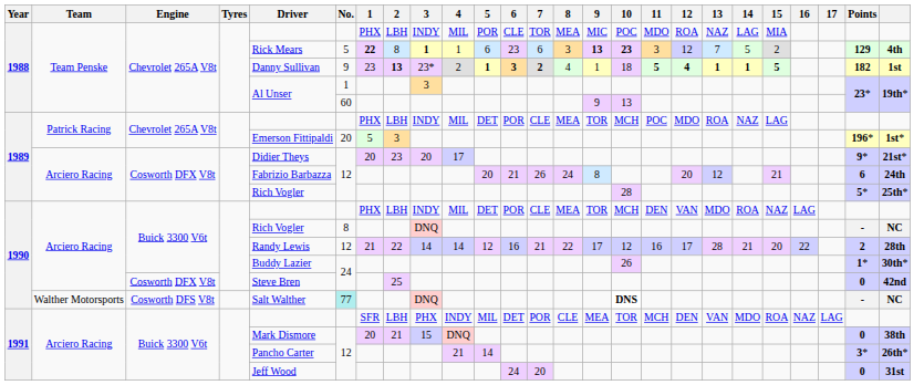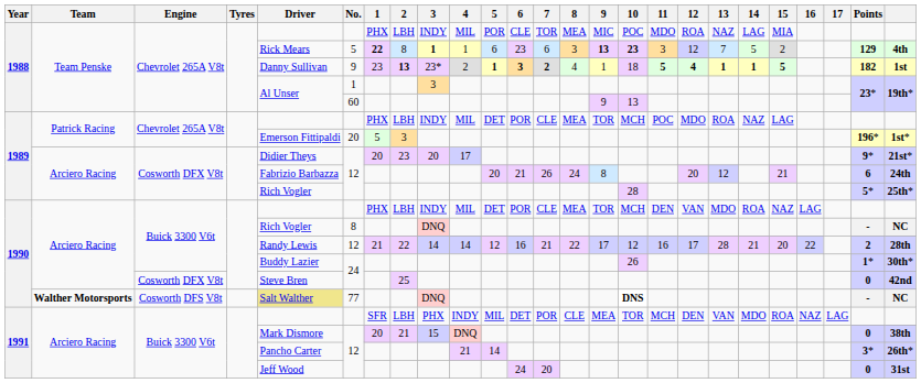 <table class="wikitable" style="text-align:center; font-size:90%">
 <tr>
 <th>Year</th>
 <th>Team</th>
 <th>Engine</th>
 <th>Tyres</th>
 <th>Driver</th>
 <th>No.</th>
 <th>1</th>
 <th>2</th>
 <th>3</th>
 <th>4</th>
 <th>5</th>
 <th>6</th>
 <th>7</th>
 <th>8</th>
 <th>9</th>
 <th>10</th>
 <th>11</th>
 <th>12</th>
 <th>13</th>
 <th>14</th>
 <th>15</th>
 <th>16</th>
 <th>17</th>
 <th>Points</th>
 <th></th>
 </tr>
 <tr>
 <th rowspan="5"><a href='#'>1988</a></th>
 <td rowspan="5"><a href='#'>Team Penske</a></td>
 <td rowspan="5"><a href='#'>Chevrolet</a> <a href='#'>265A</a> <a href='#'>V8</a><a href='#'>t</a></td>
 <td rowspan="5"></td>
 <td></td>
 <td></td>
 <td><a href='#'>PHX</a></td>
 <td><a href='#'>LBH</a></td>
 <td><a href='#'>INDY</a></td>
 <td><a href='#'>MIL</a></td>
 <td><a href='#'>POR</a></td>
 <td><a href='#'>CLE</a></td>
 <td><a href='#'>TOR</a></td>
 <td><a href='#'>MEA</a></td>
 <td><a href='#'>MIC</a></td>
 <td><a href='#'>POC</a></td>
 <td><a href='#'>MDO</a></td>
 <td><a href='#'>ROA</a></td>
 <td><a href='#'>NAZ</a></td>
 <td><a href='#'>LAG</a></td>
 <td><a href='#'>MIA</a></td>
 <td></td>
 <td></td>
 <td></td>
 <td></td>
 </tr>
 <tr>
 <td align="left"> <a href='#'>Rick Mears</a></td>
 <td>5</td>
 <td style="background:#EFCFFF;"><strong>22</strong></td>
 <td style="background:#CFEAFF;">8</td>
 <td style="background:#FFFFBF;"><strong>1</strong></td>
 <td style="background:#FFFFBF;">1</td>
 <td style="background:#CFEAFF;">6</td>
 <td style="background:#EFCFFF;">23</td>
 <td style="background:#CFEAFF;">6</td>
 <td style="background:#FFDF9F;">3</td>
 <td style="background:#EFCFFF;"><strong>13</strong></td>
 <td style="background:#EFCFFF;"><strong>23</strong></td>
 <td style="background:#FFDF9F;">3</td>
 <td style="background:#CFCFFF;">12</td>
 <td style="background:#CFEAFF;">7</td>
 <td style="background:#DFFFDF;">5</td>
 <td style="background:#DFDFDF;">2</td>
 <td></td>
 <td></td>
 <td style="background:#DFFFDF;"><strong>129</strong></td>
 <td style="background:#DFFFDF;"><strong>4th</strong></td>
 </tr>
 <tr>
 <td align="left"> <a href='#'>Danny Sullivan</a></td>
 <td>9</td>
 <td style="background:#EFCFFF;">23</td>
 <td style="background:#EFCFFF;"><strong>13</strong></td>
 <td style="background:#EFCFFF;">23*</td>
 <td style="background:#DFDFDF;">2</td>
 <td style="background:#FFFFBF;"><strong>1</strong></td>
 <td style="background:#FFDF9F;"><strong>3</strong></td>
 <td style="background:#DFDFDF;"><strong>2</strong></td>
 <td style="background:#DFFFDF;">4</td>
 <td style="background:#FFFFBF;">1</td>
 <td style="background:#EFCFFF;">18</td>
 <td style="background:#DFFFDF;"><strong>5</strong></td>
 <td style="background:#DFFFDF;"><strong>4</strong></td>
 <td style="background:#FFFFBF;"><strong>1</strong></td>
 <td style="background:#FFFFBF;"><strong>1</strong></td>
 <td style="background:#DFFFDF;"><strong>5</strong></td>
 <td></td>
 <td></td>
 <td style="background:#FFFFBF;"><strong>182</strong></td>
 <td style="background:#FFFFBF;"><strong>1st</strong></td>
 </tr>
 <tr>
 <td rowspan="2" align="left"> <a href='#'>Al Unser</a></td>
 <td>1</td>
 <td></td>
 <td></td>
 <td style="background:#FFDF9F;">3</td>
 <td></td>
 <td></td>
 <td></td>
 <td></td>
 <td></td>
 <td></td>
 <td></td>
 <td></td>
 <td></td>
 <td></td>
 <td></td>
 <td></td>
 <td></td>
 <td></td>
 <td rowspan="2" style="background:#CFCFFF;"><strong>23</strong>*</td>
 <td rowspan="2" style="background:#CFCFFF;"><strong>19th</strong>*</td>
 </tr>
 <tr>
 <td>60</td>
 <td></td>
 <td></td>
 <td></td>
 <td></td>
 <td></td>
 <td></td>
 <td></td>
 <td></td>
 <td style="background:#EFCFFF;">9</td>
 <td style="background:#EFCFFF;">13</td>
 <td></td>
 <td></td>
 <td></td>
 <td></td>
 <td></td>
 <td></td>
 <td></td>
 </tr>
 <tr>
 <th rowspan="5"><a href='#'>1989</a></th>
 <td rowspan="2"><a href='#'>Patrick Racing</a></td>
 <td rowspan="2"><a href='#'>Chevrolet</a> <a href='#'>265A</a> <a href='#'>V8</a><a href='#'>t</a></td>
 <td rowspan="2"></td>
 <td></td>
 <td></td>
 <td><a href='#'>PHX</a></td>
 <td><a href='#'>LBH</a></td>
 <td><a href='#'>INDY</a></td>
 <td><a href='#'>MIL</a></td>
 <td><a href='#'>DET</a></td>
 <td><a href='#'>POR</a></td>
 <td><a href='#'>CLE</a></td>
 <td><a href='#'>MEA</a></td>
 <td><a href='#'>TOR</a></td>
 <td><a href='#'>MCH</a></td>
 <td><a href='#'>POC</a></td>
 <td><a href='#'>MDO</a></td>
 <td><a href='#'>ROA</a></td>
 <td><a href='#'>NAZ</a></td>
 <td><a href='#'>LAG</a></td>
 <td></td>
 <td></td>
 <td></td>
 <td></td>
 </tr>
 <tr>
 <td align="left"> <a href='#'>Emerson Fittipaldi</a></td>
 <td>20</td>
 <td style="background:#DFFFDF;">5</td>
 <td style="background:#FFDF9F;">3</td>
 <td></td>
 <td></td>
 <td></td>
 <td></td>
 <td></td>
 <td></td>
 <td></td>
 <td></td>
 <td></td>
 <td></td>
 <td></td>
 <td></td>
 <td></td>
 <td></td>
 <td></td>
 <td style="background:#FFFFBF;"><strong>196</strong>*</td>
 <td style="background:#FFFFBF;"><strong>1st</strong>*</td>
 </tr>
 <tr>
 <td rowspan="3"><a href='#'>Arciero Racing</a></td>
 <td rowspan="3"><a href='#'>Cosworth</a> <a href='#'>DFX</a> <a href='#'>V8</a><a href='#'>t</a></td>
 <td rowspan="3"></td>
 <td align="left"> <a href='#'>Didier Theys</a></td>
 <td rowspan="3">12</td>
 <td style="background:#EFCFFF;">20</td>
 <td style="background:#EFCFFF;">23</td>
 <td style="background:#EFCFFF;">20</td>
 <td style="background:#CFCFFF;">17</td>
 <td></td>
 <td></td>
 <td></td>
 <td></td>
 <td></td>
 <td></td>
 <td></td>
 <td></td>
 <td></td>
 <td></td>
 <td></td>
 <td></td>
 <td></td>
 <td style="background:#cfcfff;"><strong>9</strong>*</td>
 <td style="background:#cfcfff;"><strong>21st</strong>*</td>
 </tr>
 <tr>
 <td align="left"> <a href='#'>Fabrizio Barbazza</a></td>
 <td></td>
 <td></td>
 <td></td>
 <td></td>
 <td style="background:#EFCFFF;">20</td>
 <td style="background:#EFCFFF;">21</td>
 <td style="background:#EFCFFF;">26</td>
 <td style="background:#EFCFFF;">24</td>
 <td style="background:#CFEAFF;">8</td>
 <td></td>
 <td></td>
 <td style="background:#EFCFFF;">20</td>
 <td style="background:#CFCFFF;">12</td>
 <td></td>
 <td style="background:#EFCFFF;">21</td>
 <td></td>
 <td></td>
 <td style="background:#cfcfff;"><strong>6</strong></td>
 <td style="background:#cfcfff;"><strong>24th</strong></td>
 </tr>
 <tr>
 <td align="left"> <a href='#'>Rich Vogler</a></td>
 <td></td>
 <td></td>
 <td></td>
 <td></td>
 <td></td>
 <td></td>
 <td></td>
 <td></td>
 <td></td>
 <td style="background:#EFCFFF;">28</td>
 <td></td>
 <td></td>
 <td></td>
 <td></td>
 <td></td>
 <td></td>
 <td></td>
 <td style="background:#cfcfff;"><strong>5</strong>*</td>
 <td style="background:#cfcfff;"><strong>25th</strong>*</td>
 </tr>
 <tr>
 <th rowspan="6"><a href='#'>1990</a></th>
 <td rowspan="5"><a href='#'>Arciero Racing</a></td>
 <td rowspan="4"><a href='#'>Buick</a> <a href='#'>3300</a> <a href='#'>V6</a><a href='#'>t</a></td>
 <td rowspan="5"></td>
 <td></td>
 <td></td>
 <td><a href='#'>PHX</a></td>
 <td><a href='#'>LBH</a></td>
 <td><a href='#'>INDY</a></td>
 <td><a href='#'>MIL</a></td>
 <td><a href='#'>DET</a></td>
 <td><a href='#'>POR</a></td>
 <td><a href='#'>CLE</a></td>
 <td><a href='#'>MEA</a></td>
 <td><a href='#'>TOR</a></td>
 <td><a href='#'>MCH</a></td>
 <td><a href='#'>DEN</a></td>
 <td><a href='#'>VAN</a></td>
 <td><a href='#'>MDO</a></td>
 <td><a href='#'>ROA</a></td>
 <td><a href='#'>NAZ</a></td>
 <td><a href='#'>LAG</a></td>
 <td></td>
 <td></td>
 <td></td>
 </tr>
 <tr>
 <td align="left"> <a href='#'>Rich Vogler</a></td>
 <td>8</td>
 <td></td>
 <td></td>
 <td style="background:#ffcfcf;">DNQ</td>
 <td></td>
 <td></td>
 <td></td>
 <td></td>
 <td></td>
 <td></td>
 <td></td>
 <td></td>
 <td></td>
 <td></td>
 <td></td>
 <td></td>
 <td></td>
 <td></td>
 <th>-</th>
 <th>NC</th>
 </tr>
 <tr>
 <td align="left"> <a href='#'>Randy Lewis</a></td>
 <td>12</td>
 <td style="background:#efcfff;">21</td>
 <td style="background:#efcfff;">22</td>
 <td style="background:#cfcfff;">14</td>
 <td style="background:#cfcfff;">14</td>
 <td style="background:#efcfff;">12</td>
 <td style="background:#cfcfff;">16</td>
 <td style="background:#efcfff;">21</td>
 <td style="background:#efcfff;">22</td>
 <td style="background:#cfcfff;">17</td>
 <td style="background:#cfcfff;">12</td>
 <td style="background:#cfcfff;">16</td>
 <td style="background:#cfcfff;">17</td>
 <td style="background:#efcfff;">28</td>
 <td style="background:#efcfff;">21</td>
 <td style="background:#efcfff;">20</td>
 <td style="background:#cfcfff;">22</td>
 <td></td>
 <td style="background:#cfcfff;"><strong>2</strong></td>
 <td style="background:#cfcfff;"><strong>28th</strong></td>
 </tr>
 <tr>
 <td align="left"> <a href='#'>Buddy Lazier</a></td>
 <td rowspan="2">24</td>
 <td></td>
 <td></td>
 <td></td>
 <td></td>
 <td></td>
 <td></td>
 <td></td>
 <td></td>
 <td></td>
 <td style="background:#efcfff;">26</td>
 <td></td>
 <td></td>
 <td></td>
 <td></td>
 <td></td>
 <td></td>
 <td></td>
 <td style="background:#cfcfff;"><strong>1</strong>*</td>
 <td style="background:#cfcfff;"><strong>30th</strong>*</td>
 </tr>
 <tr>
 <td><a href='#'>Cosworth</a> <a href='#'>DFX</a> <a href='#'>V8</a><a href='#'>t</a></td>
 <td align="left"> <a href='#'>Steve Bren</a></td>
 <td></td>
 <td style="background:#efcfff;">25</td>
 <td></td>
 <td></td>
 <td></td>
 <td></td>
 <td></td>
 <td></td>
 <td></td>
 <td></td>
 <td></td>
 <td></td>
 <td></td>
 <td></td>
 <td></td>
 <td></td>
 <td></td>
 <td style="background:#cfcfff;"><strong>0</strong></td>
 <td style="background:#cfcfff;"><strong>42nd</strong></td>
 </tr>
 <tr>
-<td>Walther Motorsports</td>
+<td><strong>Walther Motorsports</strong></td>
 <td><a href='#'>Cosworth</a> <a href='#'>DFS</a> <a href='#'>V8</a><a href='#'>t</a></td>
 <td></td>
-<td align="left"> <a href='#'>Salt Walther</a></td>
-<td style="background: paleturquoise;">77</td>
+<td align="left" style="background: khaki;"> <a href='#'>Salt Walther</a></td>
+<td>77</td>
 <td></td>
 <td></td>
 <td style="background:#ffcfcf;">DNQ</td>
 <td></td>
 <td></td>
 <td></td>
 <td></td>
 <td></td>
 <td></td>
 <td style="background:#ffffff;"><strong>DNS</strong></td>
 <td></td>
 <td></td>
 <td></td>
 <td></td>
 <td></td>
 <td></td>
 <td></td>
 <th>-</th>
 <th>NC</th>
 </tr>
 <tr>
 <th rowspan="4"><a href='#'>1991</a></th>
 <td rowspan="4"><a href='#'>Arciero Racing</a></td>
 <td rowspan="4"><a href='#'>Buick</a> <a href='#'>3300</a> <a href='#'>V6</a><a href='#'>t</a></td>
 <td rowspan="4"></td>
 <td></td>
 <td></td>
 <td><a href='#'>SFR</a></td>
 <td><a href='#'>LBH</a></td>
 <td><a href='#'>PHX</a></td>
 <td><a href='#'>INDY</a></td>
 <td><a href='#'>MIL</a></td>
 <td><a href='#'>DET</a></td>
 <td><a href='#'>POR</a></td>
 <td><a href='#'>CLE</a></td>
 <td><a href='#'>MEA</a></td>
 <td><a href='#'>TOR</a></td>
 <td><a href='#'>MCH</a></td>
 <td><a href='#'>DEN</a></td>
 <td><a href='#'>VAN</a></td>
 <td><a href='#'>MDO</a></td>
 <td><a href='#'>ROA</a></td>
 <td><a href='#'>NAZ</a></td>
 <td><a href='#'>LAG</a></td>
 <td></td>
 <td></td>
 </tr>
 <tr>
 <td align="left"> <a href='#'>Mark Dismore</a></td>
 <td rowspan="3">12</td>
 <td style="background:#EFCFFF;">20</td>
 <td style="background:#EFCFFF;">21</td>
 <td style="background:#CFCFFF;">15</td>
 <td style="background:#ffcfcf;">DNQ</td>
 <td></td>
 <td></td>
 <td></td>
 <td></td>
 <td></td>
 <td></td>
 <td></td>
 <td></td>
 <td></td>
 <td></td>
 <td></td>
 <td></td>
 <td></td>
 <td style="background:#cfcfff;"><strong>0</strong></td>
 <td style="background:#cfcfff;"><strong>38th</strong></td>
 </tr>
 <tr>
 <td align="left"> <a href='#'>Pancho Carter</a></td>
 <td></td>
 <td></td>
 <td></td>
 <td style="background:#EFCFFF;">21</td>
 <td style="background:#EFCFFF;">14</td>
 <td></td>
 <td></td>
 <td></td>
 <td></td>
 <td></td>
 <td></td>
 <td></td>
 <td></td>
 <td></td>
 <td></td>
 <td></td>
 <td></td>
 <td style="background:#cfcfff;"><strong>3</strong>*</td>
 <td style="background:#cfcfff;"><strong>26th</strong>*</td>
 </tr>
 <tr>
 <td align="left"> <a href='#'>Jeff Wood</a></td>
 <td></td>
 <td></td>
 <td></td>
 <td></td>
 <td></td>
 <td style="background:#EFCFFF;">24</td>
 <td style="background:#EFCFFF;">20</td>
 <td></td>
 <td></td>
 <td></td>
 <td></td>
 <td></td>
 <td></td>
 <td></td>
 <td></td>
 <td></td>
 <td></td>
 <td style="background:#cfcfff;"><strong>0</strong></td>
 <td style="background:#cfcfff;"><strong>31st</strong></td>
 </tr>
 </table>
